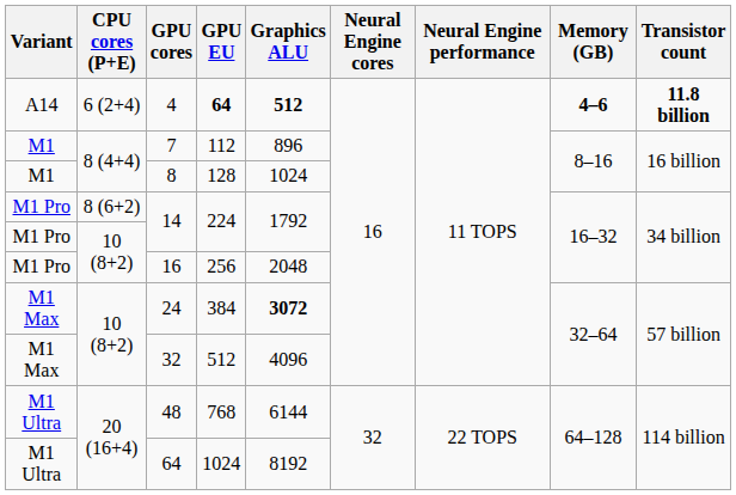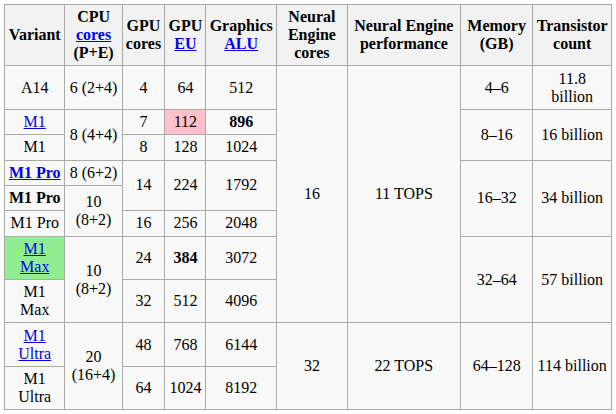 <table class="wikitable sortable" style="text-align: center;">
 <tr>
 <th>Variant</th>
 <th>CPU<br><a href='#'>cores</a> (P+E)</th>
 <th>GPU<br>cores</th>
 <th>GPU<br><a href='#'>EU</a></th>
 <th>Graphics<br><a href='#'>ALU</a></th>
 <th>Neural Engine cores</th>
 <th>Neural Engine performance</th>
 <th>Memory (GB)</th>
 <th>Transistor<br>count</th>
 </tr>
 <tr>
 <td>A14</td>
 <td>6 (2+4)</td>
 <td>4</td>
-<td><strong>64</strong></td>
-<td><strong>512</strong></td>
+<td>64</td>
+<td>512</td>
 <td rowspan="8">16</td>
 <td rowspan="8">11 TOPS</td>
-<td><strong>4–6</strong></td>
-<td><strong>11.8 billion</strong></td>
+<td>4–6</td>
+<td>11.8 billion</td>
 </tr>
 <tr>
 <td><a href='#'>M1</a></td>
 <td rowspan="2">8 (4+4)</td>
 <td>7</td>
-<td>112</td>
-<td>896</td>
+<td style="background: pink;">112</td>
+<td><strong>896</strong></td>
 <td rowspan="2">8–16</td>
 <td rowspan="2">16 billion</td>
 </tr>
 <tr>
 <td>M1</td>
 <td>8</td>
 <td>128</td>
 <td>1024</td>
 </tr>
 <tr>
-<td><a href='#'>M1 Pro</a></td>
+<td><strong><a href='#'>M1 Pro</a></strong></td>
 <td>8 (6+2)</td>
 <td rowspan="2">14</td>
 <td rowspan="2">224</td>
 <td rowspan="2">1792</td>
 <td rowspan="3">16–32</td>
 <td rowspan="3">34 billion</td>
 </tr>
 <tr>
-<td>M1 Pro</td>
+<td><strong>M1 Pro</strong></td>
 <td rowspan="2">10 (8+2)</td>
 </tr>
 <tr>
 <td>M1 Pro</td>
 <td>16</td>
 <td>256</td>
 <td>2048</td>
 </tr>
 <tr>
-<td><a href='#'>M1 Max</a></td>
+<td style="background: lightgreen;"><a href='#'>M1 Max</a></td>
 <td rowspan="2">10 (8+2)</td>
 <td>24</td>
-<td>384</td>
-<td><strong>3072</strong></td>
+<td><strong>384</strong></td>
+<td>3072</td>
 <td rowspan="2">32–64</td>
 <td rowspan="2">57 billion</td>
 </tr>
 <tr>
 <td>M1 Max</td>
 <td>32</td>
 <td>512</td>
 <td>4096</td>
 </tr>
 <tr>
 <td><a href='#'>M1 Ultra</a></td>
 <td rowspan="2">20 (16+4)</td>
 <td>48</td>
 <td>768</td>
 <td>6144</td>
 <td rowspan="2">32</td>
 <td rowspan="2">22 TOPS</td>
 <td rowspan="2">64–128</td>
 <td rowspan="2">114 billion</td>
 </tr>
 <tr>
 <td>M1 Ultra</td>
 <td>64</td>
 <td>1024</td>
 <td>8192</td>
 </tr>
 </table>
